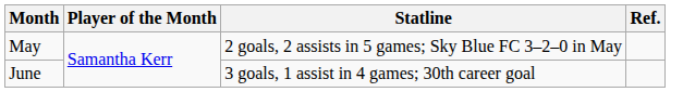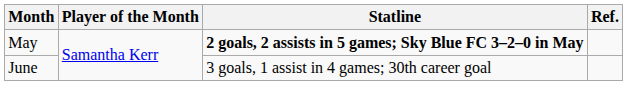 <table class="wikitable">
 <tr>
 <th>Month</th>
 <th>Player of the Month</th>
 <th>Statline</th>
 <th>Ref.</th>
 </tr>
 <tr>
 <td>May</td>
 <td rowspan=2> <a href='#'>Samantha Kerr</a></td>
-<td>2 goals, 2 assists in 5 games; Sky Blue FC 3–2–0 in May</td>
+<td><strong>2 goals, 2 assists in 5 games; Sky Blue FC 3–2–0 in May</strong></td>
 <td></td>
 </tr>
 <tr>
 <td>June</td>
 <td>3 goals, 1 assist in 4 games; 30th career goal</td>
 <td></td>
 </tr>
 </table>
